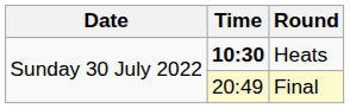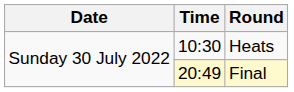 <table class="wikitable">
 <tr>
 <th>Date</th>
 <th>Time</th>
 <th>Round</th>
 </tr>
 <tr>
 <td rowspan=2>Sunday 30 July 2022</td>
-<td><strong>10:30</strong></td>
+<td>10:30</td>
 <td>Heats</td>
 </tr>
 <tr>
 <td style=background:lemonchiffon>20:49</td>
 <td style=background:lemonchiffon>Final</td>
 </tr>
 </table>
